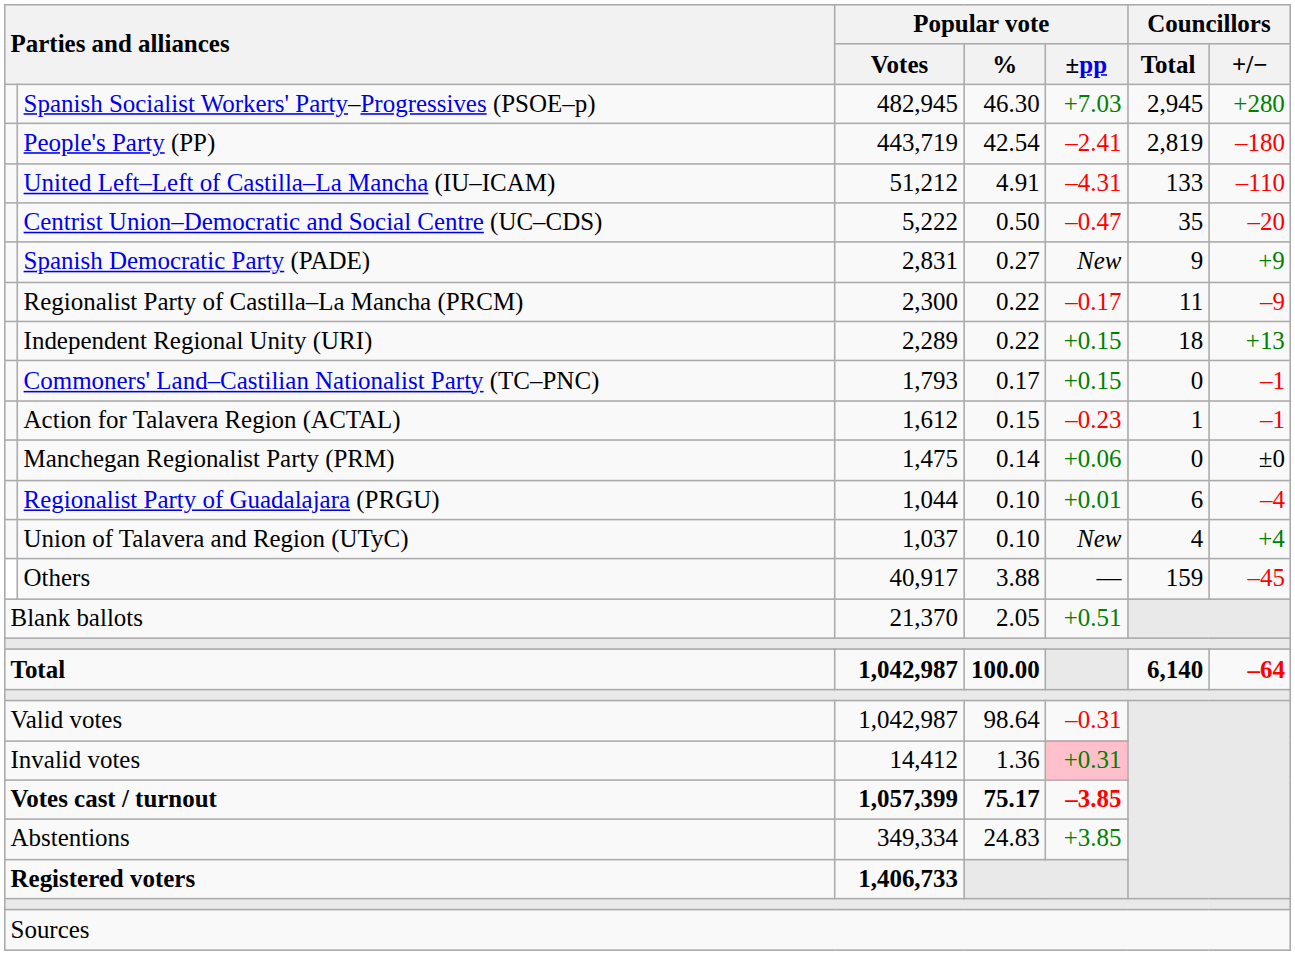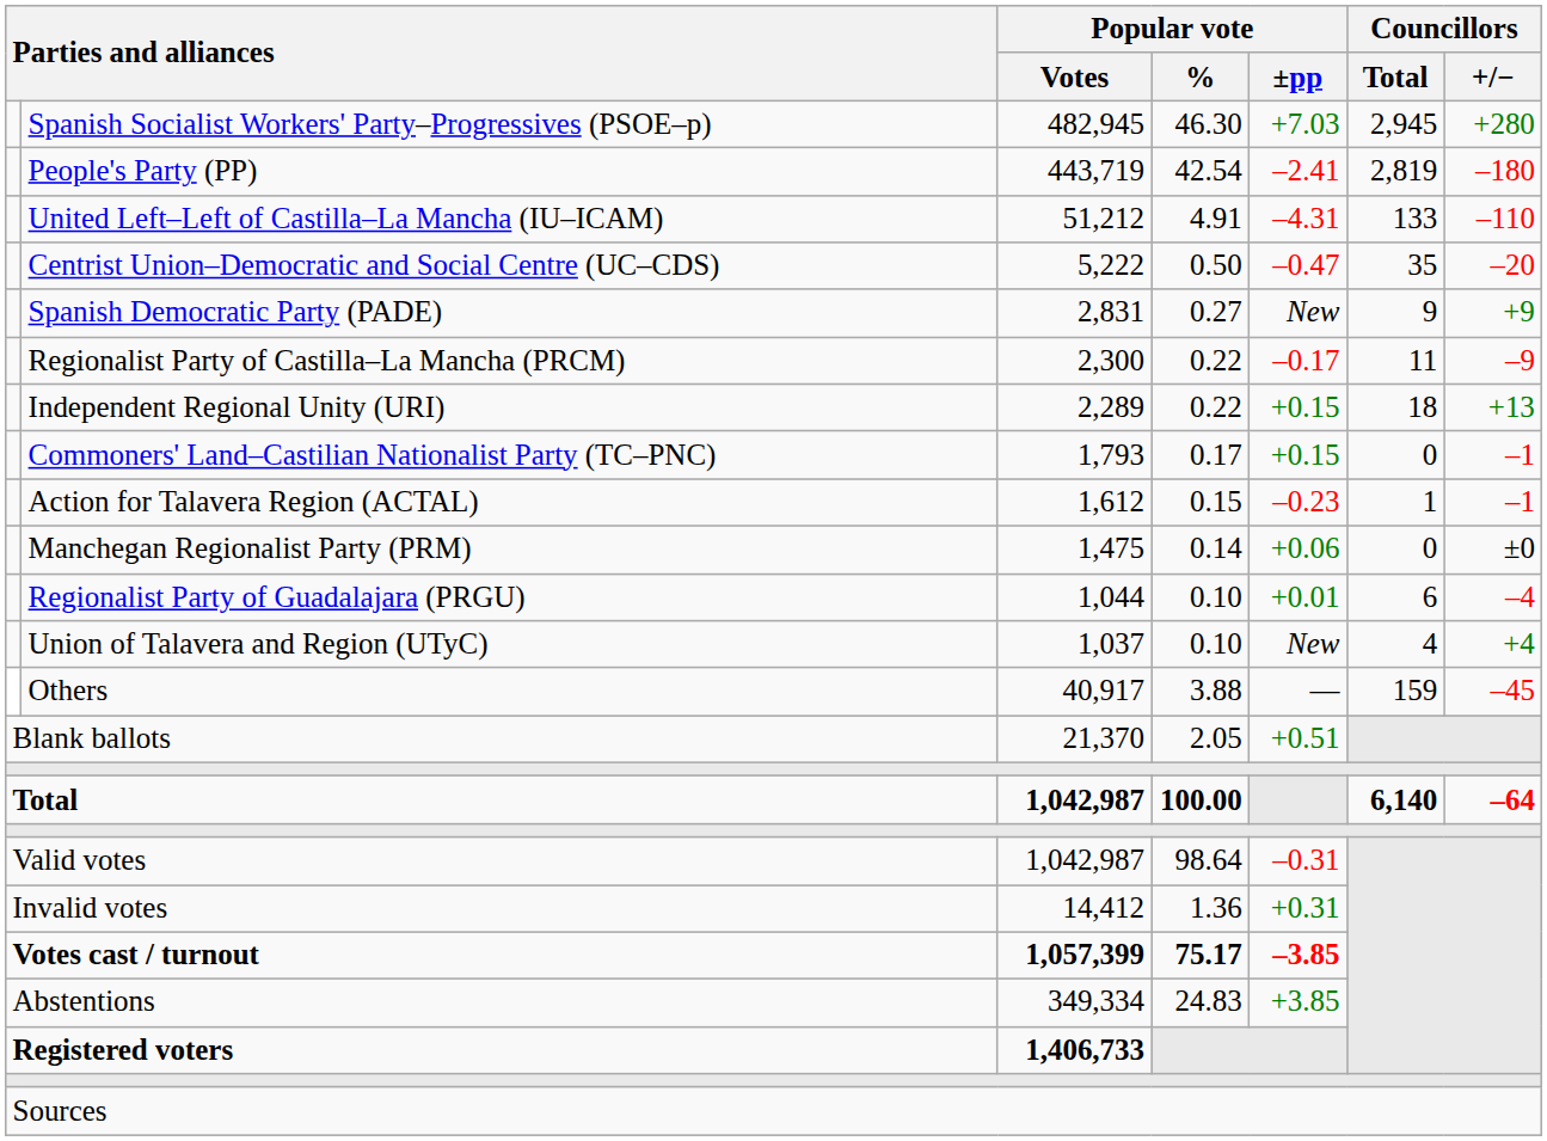 <table class="wikitable" style="text-align:right;">
 <tr>
 <th style="text-align:left;" rowspan="2" colspan="2" width="525">Parties and alliances</th>
 <th colspan="3">Popular vote</th>
 <th colspan="2">Councillors</th>
 </tr>
 <tr>
 <th width="75">Votes</th>
 <th width="45">%</th>
 <th width="45">±<a href='#'>pp</a></th>
 <th width="45">Total</th>
 <th width="45">+/−</th>
 </tr>
 <tr>
 <td width="1" style="color:inherit;background:"></td>
 <td align="left"><a href='#'>Spanish Socialist Workers' Party</a>–<a href='#'>Progressives</a> (PSOE–p)</td>
 <td>482,945</td>
 <td>46.30</td>
 <td style="color:green;">+7.03</td>
 <td>2,945</td>
 <td style="color:green;">+280</td>
 </tr>
 <tr>
 <td style="color:inherit;background:"></td>
 <td align="left"><a href='#'>People's Party</a> (PP)</td>
 <td>443,719</td>
 <td>42.54</td>
 <td style="color:red;">–2.41</td>
 <td>2,819</td>
 <td style="color:red;">–180</td>
 </tr>
 <tr>
 <td style="color:inherit;background:"></td>
 <td align="left"><a href='#'>United Left–Left of Castilla–La Mancha</a> (IU–ICAM)</td>
 <td>51,212</td>
 <td>4.91</td>
 <td style="color:red;">–4.31</td>
 <td>133</td>
 <td style="color:red;">–110</td>
 </tr>
 <tr>
 <td style="color:inherit;background:"></td>
 <td align="left"><a href='#'>Centrist Union–Democratic and Social Centre</a> (UC–CDS)</td>
 <td>5,222</td>
 <td>0.50</td>
 <td style="color:red;">–0.47</td>
 <td>35</td>
 <td style="color:red;">–20</td>
 </tr>
 <tr>
 <td style="color:inherit;background:"></td>
 <td align="left"><a href='#'>Spanish Democratic Party</a> (PADE)</td>
 <td>2,831</td>
 <td>0.27</td>
 <td><em>New</em></td>
 <td>9</td>
 <td style="color:green;">+9</td>
 </tr>
 <tr>
 <td style="color:inherit;background:"></td>
 <td align="left">Regionalist Party of Castilla–La Mancha (PRCM)</td>
 <td>2,300</td>
 <td>0.22</td>
 <td style="color:red;">–0.17</td>
 <td>11</td>
 <td style="color:red;">–9</td>
 </tr>
 <tr>
 <td style="color:inherit;background:"></td>
 <td align="left">Independent Regional Unity (URI)</td>
 <td>2,289</td>
 <td>0.22</td>
 <td style="color:green;">+0.15</td>
 <td>18</td>
 <td style="color:green;">+13</td>
 </tr>
 <tr>
 <td style="color:inherit;background:"></td>
 <td align="left"><a href='#'>Commoners' Land–Castilian Nationalist Party</a> (TC–PNC)</td>
 <td>1,793</td>
 <td>0.17</td>
 <td style="color:green;">+0.15</td>
 <td>0</td>
 <td style="color:red;">–1</td>
 </tr>
 <tr>
 <td style="color:inherit;background:"></td>
 <td align="left">Action for Talavera Region (ACTAL)</td>
 <td>1,612</td>
 <td>0.15</td>
 <td style="color:red;">–0.23</td>
 <td>1</td>
 <td style="color:red;">–1</td>
 </tr>
 <tr>
 <td style="color:inherit;background:"></td>
 <td align="left">Manchegan Regionalist Party (PRM)</td>
 <td>1,475</td>
 <td>0.14</td>
 <td style="color:green;">+0.06</td>
 <td>0</td>
 <td>±0</td>
 </tr>
 <tr>
 <td style="color:inherit;background:"></td>
 <td align="left"><a href='#'>Regionalist Party of Guadalajara</a> (PRGU)</td>
 <td>1,044</td>
 <td>0.10</td>
 <td style="color:green;">+0.01</td>
 <td>6</td>
 <td style="color:red;">–4</td>
 </tr>
 <tr>
 <td style="color:inherit;background:"></td>
 <td align="left">Union of Talavera and Region (UTyC)</td>
 <td>1,037</td>
 <td>0.10</td>
 <td><em>New</em></td>
 <td>4</td>
 <td style="color:green;">+4</td>
 </tr>
 <tr>
 <td bgcolor="white"></td>
 <td align="left">Others</td>
 <td>40,917</td>
 <td>3.88</td>
 <td>—</td>
 <td>159</td>
 <td style="color:red;">–45</td>
 </tr>
 <tr>
 <td align="left" colspan="2">Blank ballots</td>
 <td>21,370</td>
 <td>2.05</td>
 <td style="color:green;">+0.51</td>
 <td bgcolor="#E9E9E9" colspan="2"></td>
 </tr>
 <tr>
 <td colspan="7" bgcolor="#E9E9E9"></td>
 </tr>
 <tr style="font-weight:bold;">
 <td align="left" colspan="2">Total</td>
 <td>1,042,987</td>
 <td>100.00</td>
 <td bgcolor="#E9E9E9"></td>
 <td>6,140</td>
 <td style="color:red;">–64</td>
 </tr>
 <tr>
 <td colspan="7" bgcolor="#E9E9E9"></td>
 </tr>
 <tr>
 <td align="left" colspan="2">Valid votes</td>
 <td>1,042,987</td>
 <td>98.64</td>
 <td style="color:red;">–0.31</td>
 <td bgcolor="#E9E9E9" colspan="2" rowspan="5"></td>
 </tr>
 <tr>
 <td align="left" colspan="2">Invalid votes</td>
 <td>14,412</td>
 <td>1.36</td>
-<td style="background: pink; color:green;">+0.31</td>
+<td style="color:green;">+0.31</td>
 </tr>
 <tr style="font-weight:bold;">
 <td align="left" colspan="2">Votes cast / turnout</td>
 <td>1,057,399</td>
 <td>75.17</td>
 <td style="color:red;">–3.85</td>
 </tr>
 <tr>
 <td align="left" colspan="2">Abstentions</td>
 <td>349,334</td>
 <td>24.83</td>
 <td style="color:green;">+3.85</td>
 </tr>
 <tr style="font-weight:bold;">
 <td align="left" colspan="2">Registered voters</td>
 <td>1,406,733</td>
 <td bgcolor="#E9E9E9" colspan="2"></td>
 </tr>
 <tr>
 <td colspan="7" bgcolor="#E9E9E9"></td>
 </tr>
 <tr>
 <td align="left" colspan="7">Sources</td>
 </tr>
 </table>
